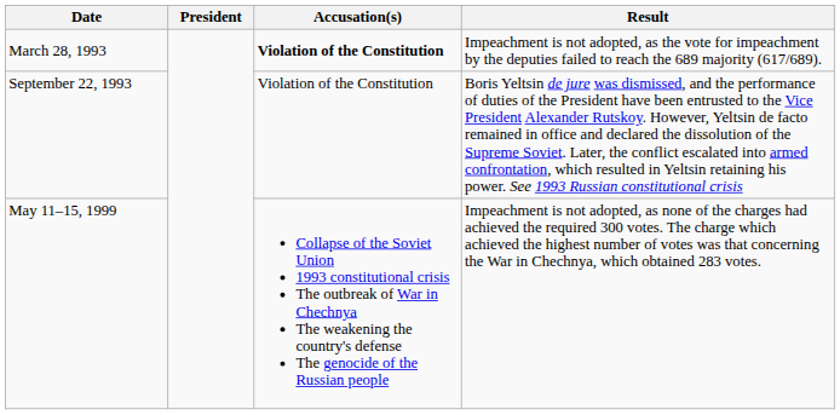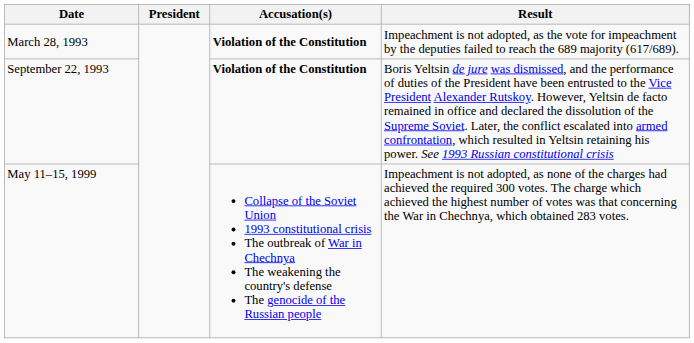 <table class="wikitable">
 <tr>
 <th>Date</th>
 <th>President</th>
 <th width="25%">Accusation(s)</th>
 <th width="45%">Result</th>
 </tr>
 <tr>
 <td>March 28, 1993</td>
 <td rowspan=3><br></td>
 <td><strong>Violation of the Constitution</strong></td>
 <td>Impeachment is not adopted, as the vote for impeachment by the deputies failed to reach the 689 majority (617/689).</td>
 </tr>
 <tr valign=top>
 <td>September 22, 1993</td>
-<td>Violation of the Constitution</td>
+<td><strong>Violation of the Constitution</strong></td>
 <td>Boris Yeltsin <em><a href='#'>de jure</a></em> <a href='#'>was dismissed</a>, and the performance of duties of the President have been entrusted to the <a href='#'>Vice President</a> <a href='#'>Alexander Rutskoy</a>. However, Yeltsin de facto remained in office and declared the dissolution of the <a href='#'>Supreme Soviet</a>. Later, the conflict escalated into <a href='#'>armed confrontation</a>, which resulted in Yeltsin retaining his power.  <em>See <a href='#'>1993 Russian constitutional crisis</a></em></td>
 </tr>
 <tr valign=top>
 <td>May 11–15, 1999</td>
 <td><br><ul><li><a href='#'>Collapse of the Soviet Union</a></li><li><a href='#'>1993 constitutional crisis</a></li><li>The outbreak of <a href='#'>War in Chechnya</a></li><li>The weakening the country's defense</li><li>The <a href='#'>genocide of the Russian people</a></li></ul></td>
 <td>Impeachment is not adopted, as none of the charges had achieved the required 300 votes. The charge which achieved the highest number of votes was that concerning the War in Chechnya, which obtained 283 votes.</td>
 </tr>
 </table>
